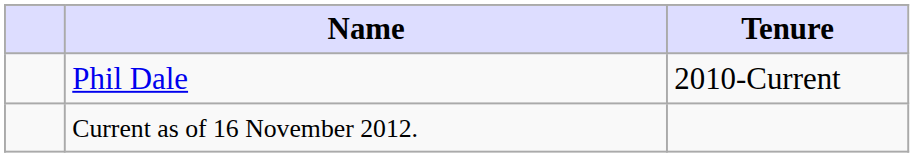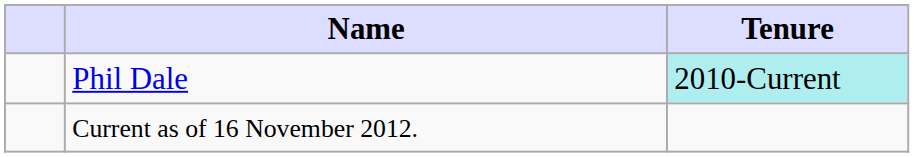 <table class="wikitable">
 <tr>
 <th style="background:#ddf; width:5%;"></th>
 <th style="background:#ddf; width:50%;">Name</th>
 <th style="background:#ddf; width:20%;">Tenure</th>
 </tr>
 <tr>
 <td></td>
 <td><a href='#'>Phil Dale</a></td>
-<td>2010-Current</td>
+<td style="background: paleturquoise;">2010-Current</td>
 </tr>
 <tr>
 <td></td>
 <td><small>Current as of 16 November 2012.</small></td>
 </tr>
 </table>
